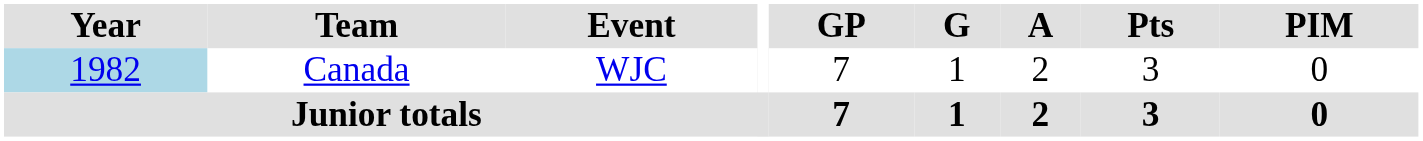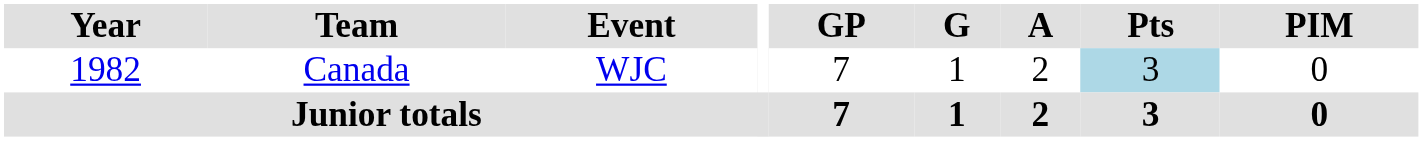 <table border="0" cellpadding="1" cellspacing="0" ID="Table3" style="text-align:center; width:40em">
 <tr bgcolor="#e0e0e0">
 <th>Year</th>
 <th>Team</th>
 <th>Event</th>
 <th rowspan="102" bgcolor="#ffffff"></th>
 <th>GP</th>
 <th>G</th>
 <th>A</th>
 <th>Pts</th>
 <th>PIM</th>
 </tr>
 <tr>
-<td style="background: lightblue;"><a href='#'>1982</a></td>
+<td><a href='#'>1982</a></td>
 <td><a href='#'>Canada</a></td>
 <td><a href='#'>WJC</a></td>
 <td>7</td>
 <td>1</td>
 <td>2</td>
-<td>3</td>
+<td style="background: lightblue;">3</td>
 <td>0</td>
 </tr>
 <tr bgcolor="#e0e0e0">
 <th colspan="4">Junior totals</th>
 <th>7</th>
 <th>1</th>
 <th>2</th>
 <th>3</th>
 <th>0</th>
 </tr>
 </table>
